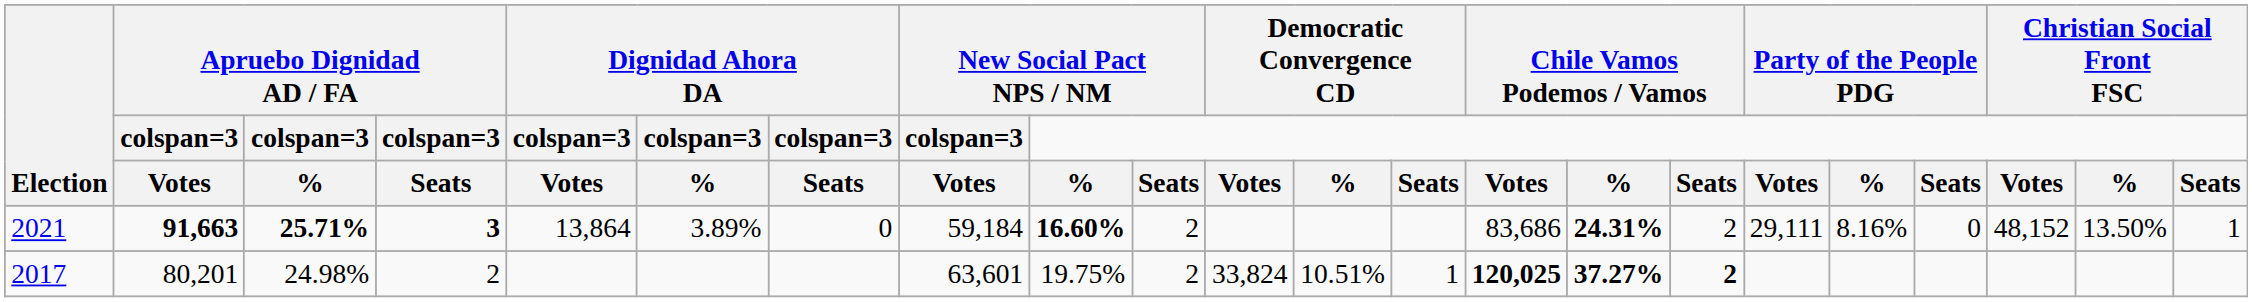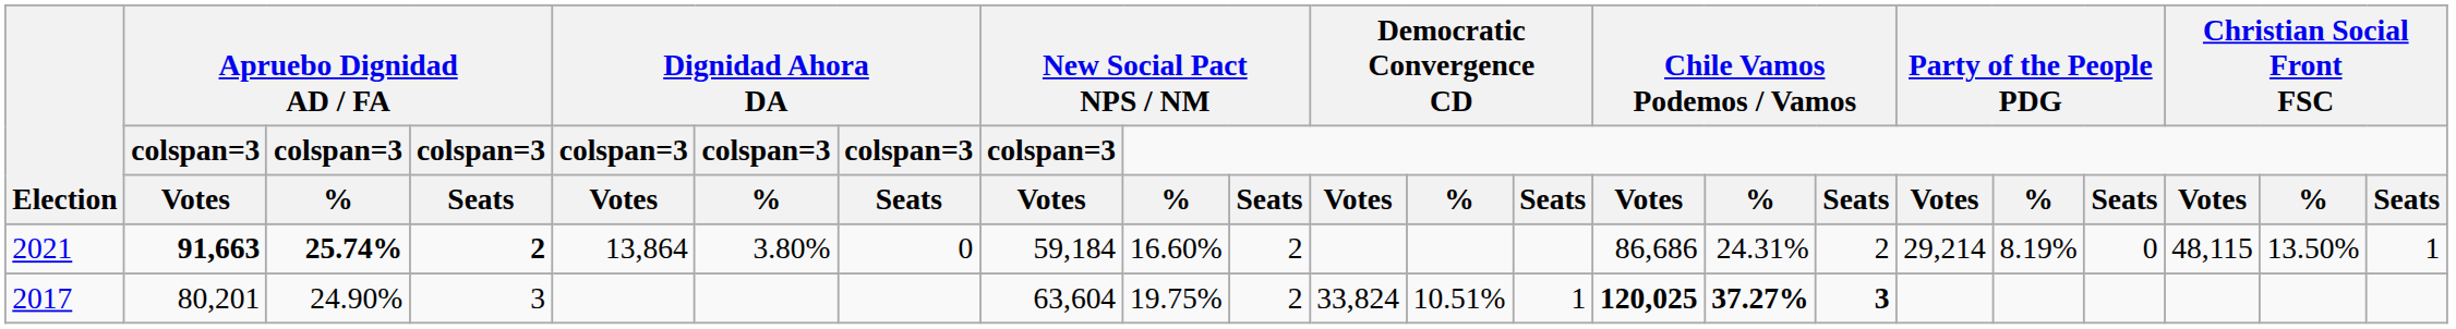 <table class="wikitable" border="1" style="font-size:95%; text-align:right;">
 <tr>
 <th style="text-align:left;" valign=bottom rowspan=3>Election</th>
 <th valign=bottom colspan=3><a href='#'>Apruebo Dignidad</a><br>AD / FA</th>
 <th valign=bottom colspan=3><a href='#'>Dignidad Ahora</a><br>DA</th>
 <th valign=bottom colspan=3><a href='#'>New Social Pact</a><br>NPS / NM</th>
 <th valign=bottom colspan=3>Democratic<br>Convergence<br>CD</th>
 <th valign=bottom colspan=3><a href='#'>Chile Vamos</a><br>Podemos / Vamos</th>
 <th valign=bottom colspan=3><a href='#'>Party of the People</a><br>PDG</th>
 <th valign=bottom colspan=3><a href='#'>Christian Social Front</a><br>FSC</th>
 </tr>
 <tr>
 <th>colspan=3 </th>
 <th>colspan=3 </th>
 <th>colspan=3 </th>
 <th>colspan=3 </th>
 <th>colspan=3 </th>
 <th>colspan=3 </th>
 <th>colspan=3 </th>
 </tr>
 <tr>
 <th>Votes</th>
 <th>%</th>
 <th>Seats</th>
 <th>Votes</th>
 <th>%</th>
 <th>Seats</th>
 <th>Votes</th>
 <th>%</th>
 <th>Seats</th>
 <th>Votes</th>
 <th>%</th>
 <th>Seats</th>
 <th>Votes</th>
 <th>%</th>
 <th>Seats</th>
 <th>Votes</th>
 <th>%</th>
 <th>Seats</th>
 <th>Votes</th>
 <th>%</th>
 <th>Seats</th>
 </tr>
 <tr>
 <td align=left><a href='#'>2021</a></td>
 <td><strong>91,663</strong></td>
-<td><strong>25.71%</strong></td>
-<td><strong>3</strong></td>
+<td><strong>25.74%</strong></td>
+<td><strong>2</strong></td>
 <td>13,864</td>
-<td>3.89%</td>
+<td>3.80%</td>
 <td>0</td>
 <td>59,184</td>
-<td><strong>16.60%</strong></td>
+<td>16.60%</td>
 <td>2</td>
 <td></td>
 <td></td>
 <td></td>
-<td>83,686</td>
-<td><strong>24.31%</strong></td>
+<td>86,686</td>
+<td>24.31%</td>
 <td>2</td>
-<td>29,111</td>
-<td>8.16%</td>
+<td>29,214</td>
+<td>8.19%</td>
 <td>0</td>
-<td>48,152</td>
+<td>48,115</td>
 <td>13.50%</td>
 <td>1</td>
 </tr>
 <tr>
 <td align=left><a href='#'>2017</a></td>
 <td>80,201</td>
-<td>24.98%</td>
-<td>2</td>
+<td>24.90%</td>
+<td>3</td>
 <td></td>
 <td></td>
 <td></td>
-<td>63,601</td>
+<td>63,604</td>
 <td>19.75%</td>
 <td>2</td>
 <td>33,824</td>
 <td>10.51%</td>
 <td>1</td>
 <td><strong>120,025</strong></td>
 <td><strong>37.27%</strong></td>
-<td><strong>2</strong></td>
+<td><strong>3</strong></td>
 <td></td>
 <td></td>
 <td></td>
 <td></td>
 <td></td>
 <td></td>
 </tr>
 </table>
